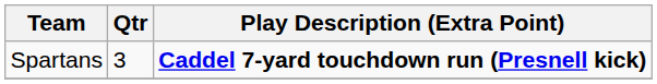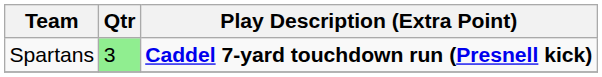 <table class="wikitable">
 <tr>
 <th><strong>Team</strong></th>
 <th><strong>Qtr</strong></th>
 <th><strong>Play Description (Extra Point)</strong></th>
 </tr>
 <tr>
 <td>Spartans</td>
-<td>3</td>
+<td style="background: lightgreen;">3</td>
 <td><strong><a href='#'>Caddel</a> 7-yard touchdown run (<a href='#'>Presnell</a> kick)</strong></td>
 </tr>
 <tr>
 </tr>
 </table>
